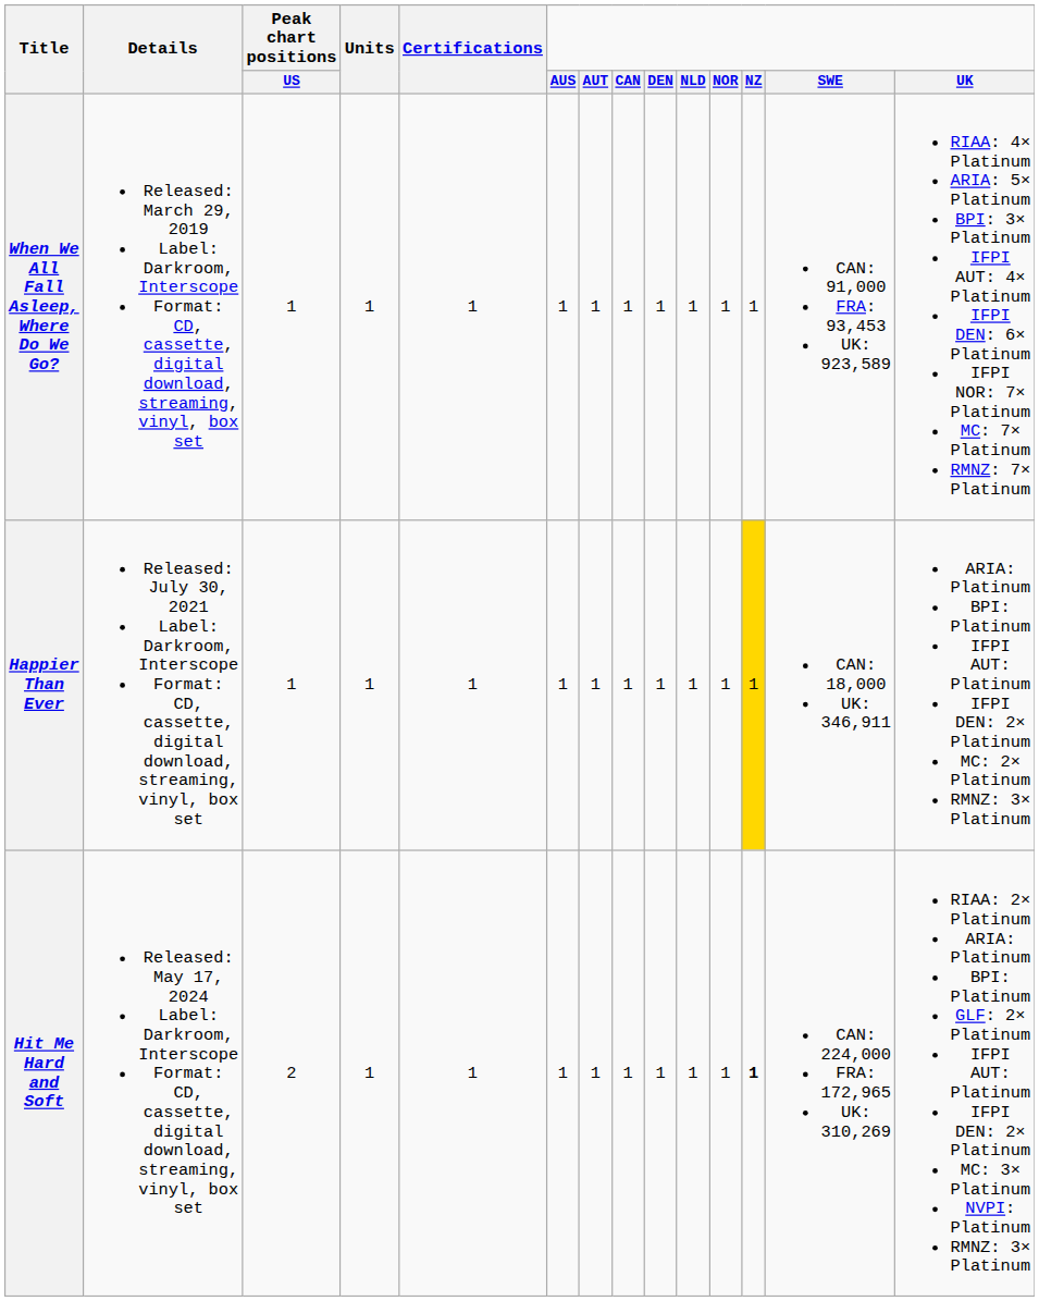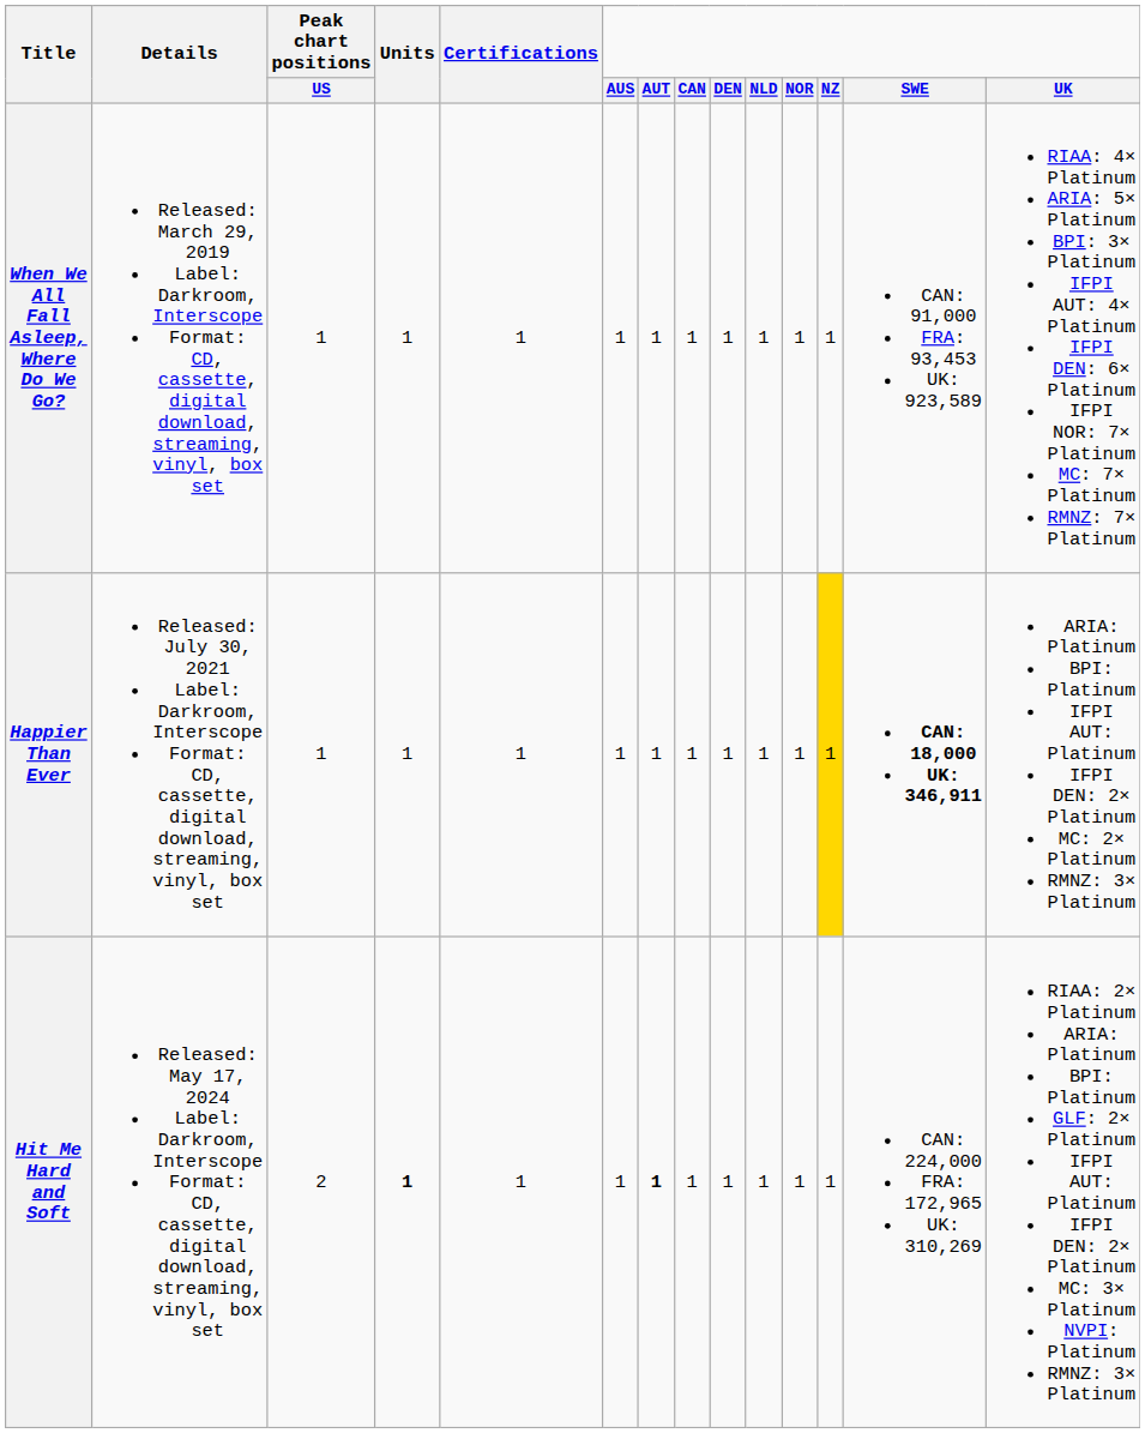 <table class="wikitable plainrowheaders" style="text-align:center;">
 <tr>
 <th scope="col" rowspan="2" style="width:10em;">Title</th>
 <th scope="col" rowspan="2" style="width:16em;">Details</th>
 <th scope="col">Peak chart positions</th>
 <th scope="col" rowspan="2" style="width:10em;">Units</th>
 <th scope="col" rowspan="2" style="width:14em;"><a href='#'>Certifications</a></th>
 </tr>
 <tr>
 <th scope="col" style="width:2.5em;font-size:85%;"><a href='#'>US</a><br></th>
 <th scope="col" style="width:2.5em;font-size:85%;"><a href='#'>AUS</a><br></th>
 <th scope="col" style="width:2.5em;font-size:85%;"><a href='#'>AUT</a><br></th>
 <th scope="col" style="width:2.5em;font-size:85%;"><a href='#'>CAN</a><br></th>
 <th scope="col" style="width:2.5em;font-size:85%;"><a href='#'>DEN</a><br></th>
 <th scope="col" style="width:2.5em;font-size:85%;"><a href='#'>NLD</a><br></th>
 <th scope="col" style="width:2.5em;font-size:85%;"><a href='#'>NOR</a><br></th>
 <th scope="col" style="width:2.5em;font-size:85%;"><a href='#'>NZ</a><br></th>
 <th scope="col" style="width:2.5em;font-size:85%;"><a href='#'>SWE</a><br></th>
 <th scope="col" style="width:2.5em;font-size:85%;"><a href='#'>UK</a><br></th>
 </tr>
 <tr>
 <th scope="row"><em><a href='#'>When We All Fall Asleep, Where Do We Go?</a></em></th>
 <td><br><ul><li>Released: March 29, 2019</li><li>Label: Darkroom, <a href='#'>Interscope</a></li><li>Format: <a href='#'>CD</a>, <a href='#'>cassette</a>, <a href='#'>digital download</a>, <a href='#'>streaming</a>, <a href='#'>vinyl</a>, <a href='#'>box set</a></li></ul></td>
 <td>1</td>
 <td>1</td>
 <td>1</td>
 <td>1</td>
 <td>1</td>
 <td>1</td>
 <td>1</td>
 <td>1</td>
 <td>1</td>
 <td>1</td>
 <td><br><ul><li>CAN: 91,000</li><li><a href='#'>FRA</a>: 93,453</li><li>UK: 923,589</li></ul></td>
 <td><br><ul><li><a href='#'>RIAA</a>: 4× Platinum</li><li><a href='#'>ARIA</a>: 5× Platinum</li><li><a href='#'>BPI</a>: 3× Platinum</li><li><a href='#'>IFPI</a> AUT: 4× Platinum</li><li><a href='#'>IFPI DEN</a>: 6× Platinum</li><li>IFPI NOR: 7× Platinum</li><li><a href='#'>MC</a>: 7× Platinum</li><li><a href='#'>RMNZ</a>: 7× Platinum</li></ul></td>
 </tr>
 <tr>
 <th scope="row"><em><a href='#'>Happier Than Ever</a></em></th>
 <td><br><ul><li>Released: July 30, 2021</li><li>Label: Darkroom, Interscope</li><li>Format: CD, cassette, digital download, streaming, vinyl, box set</li></ul></td>
 <td>1</td>
 <td>1</td>
 <td>1</td>
 <td>1</td>
 <td>1</td>
 <td>1</td>
 <td>1</td>
 <td>1</td>
 <td>1</td>
 <td style="background: gold;">1</td>
-<td><br><ul><li>CAN: 18,000</li><li>UK: 346,911</li></ul></td>
+<td><strong><br><ul><li>CAN: 18,000</li><li>UK: 346,911</li></ul></strong></td>
 <td><br><ul><li>ARIA: Platinum</li><li>BPI: Platinum</li><li>IFPI AUT: Platinum</li><li>IFPI DEN: 2× Platinum</li><li>MC: 2× Platinum</li><li>RMNZ: 3× Platinum</li></ul></td>
 </tr>
 <tr>
 <th scope="row"><em><a href='#'>Hit Me Hard and Soft</a></em></th>
 <td><br><ul><li>Released: May 17, 2024</li><li>Label: Darkroom, Interscope</li><li>Format: CD, cassette, digital download, streaming, vinyl, box set</li></ul></td>
 <td>2</td>
+<td><strong>1</strong></td>
+<td>1</td>
+<td>1</td>
+<td><strong>1</strong></td>
 <td>1</td>
 <td>1</td>
 <td>1</td>
 <td>1</td>
 <td>1</td>
-<td>1</td>
-<td>1</td>
-<td>1</td>
-<td><strong>1</strong></td>
 <td><br><ul><li>CAN: 224,000</li><li>FRA: 172,965</li><li>UK: 310,269</li></ul></td>
 <td><br><ul><li>RIAA: 2× Platinum</li><li>ARIA: Platinum</li><li>BPI: Platinum</li><li><a href='#'>GLF</a>: 2× Platinum</li><li>IFPI AUT: Platinum</li><li>IFPI DEN: 2× Platinum</li><li>MC: 3× Platinum</li><li><a href='#'>NVPI</a>: Platinum</li><li>RMNZ: 3× Platinum</li></ul></td>
 </tr>
 </table>
